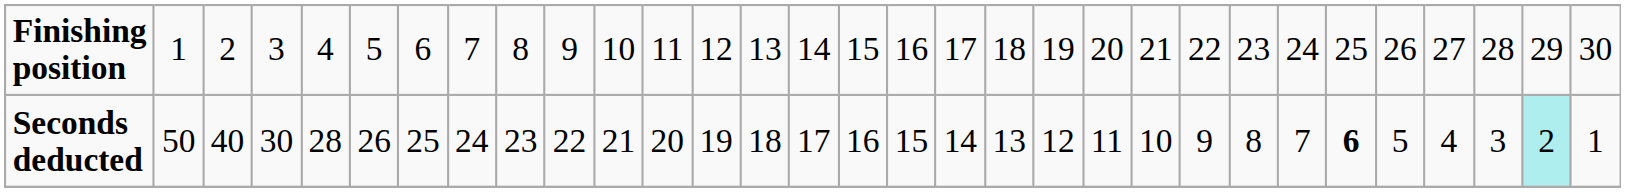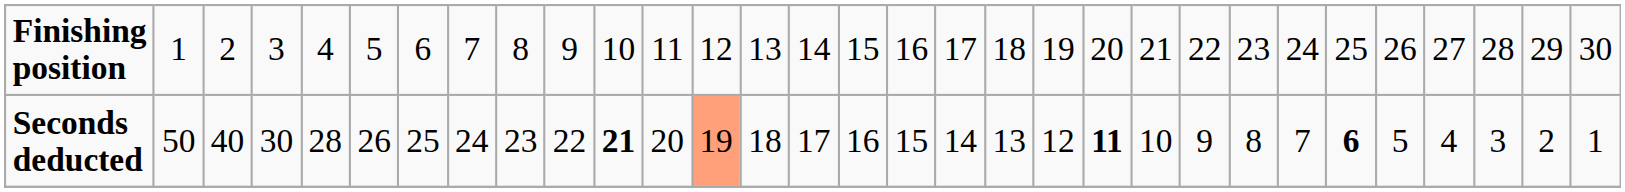 <table class="wikitable">
 <tr align="center">
 <td align="Left"><strong>Finishing position</strong></td>
 <td>1</td>
 <td>2</td>
 <td>3</td>
 <td>4</td>
 <td>5</td>
 <td>6</td>
 <td>7</td>
 <td>8</td>
 <td>9</td>
 <td>10</td>
 <td>11</td>
 <td>12</td>
 <td>13</td>
 <td>14</td>
 <td>15</td>
 <td>16</td>
 <td>17</td>
 <td>18</td>
 <td>19</td>
 <td>20</td>
 <td>21</td>
 <td>22</td>
 <td>23</td>
 <td>24</td>
 <td>25</td>
 <td>26</td>
 <td>27</td>
 <td>28</td>
 <td>29</td>
 <td>30</td>
 </tr>
 <tr align="center">
 <td align="Left"><strong>Seconds deducted</strong></td>
 <td>50</td>
 <td>40</td>
 <td>30</td>
 <td>28</td>
 <td>26</td>
 <td>25</td>
 <td>24</td>
 <td>23</td>
 <td>22</td>
-<td>21</td>
+<td><strong>21</strong></td>
 <td>20</td>
-<td>19</td>
+<td style="background: lightsalmon;">19</td>
 <td>18</td>
 <td>17</td>
 <td>16</td>
 <td>15</td>
 <td>14</td>
 <td>13</td>
 <td>12</td>
-<td>11</td>
+<td><strong>11</strong></td>
 <td>10</td>
 <td>9</td>
 <td>8</td>
 <td>7</td>
 <td><strong>6</strong></td>
 <td>5</td>
 <td>4</td>
 <td>3</td>
-<td style="background: paleturquoise;">2</td>
+<td>2</td>
 <td>1</td>
 </tr>
 <tr>
 </tr>
 </table>
